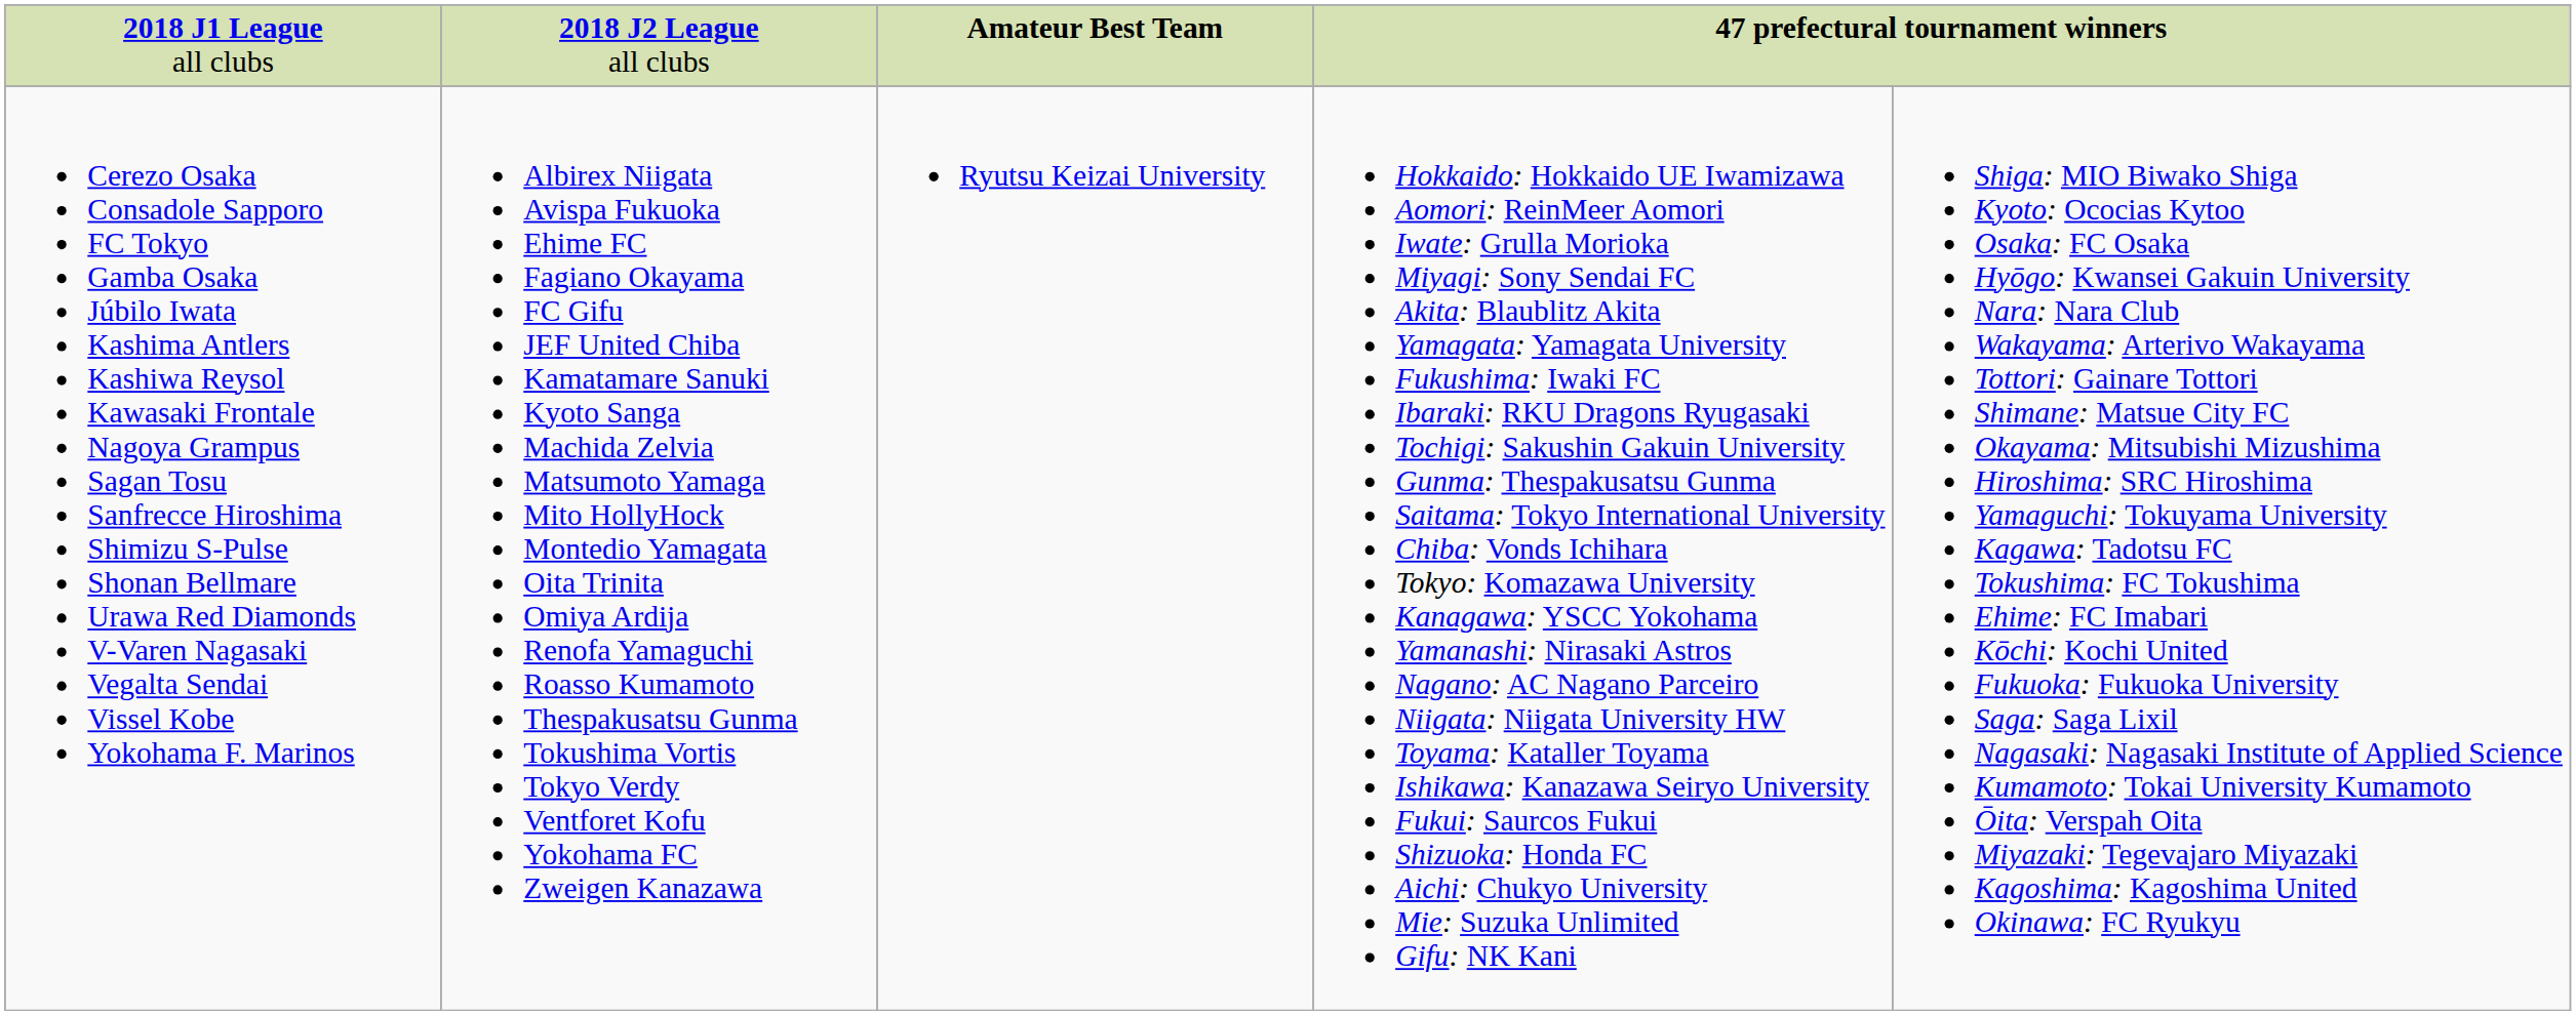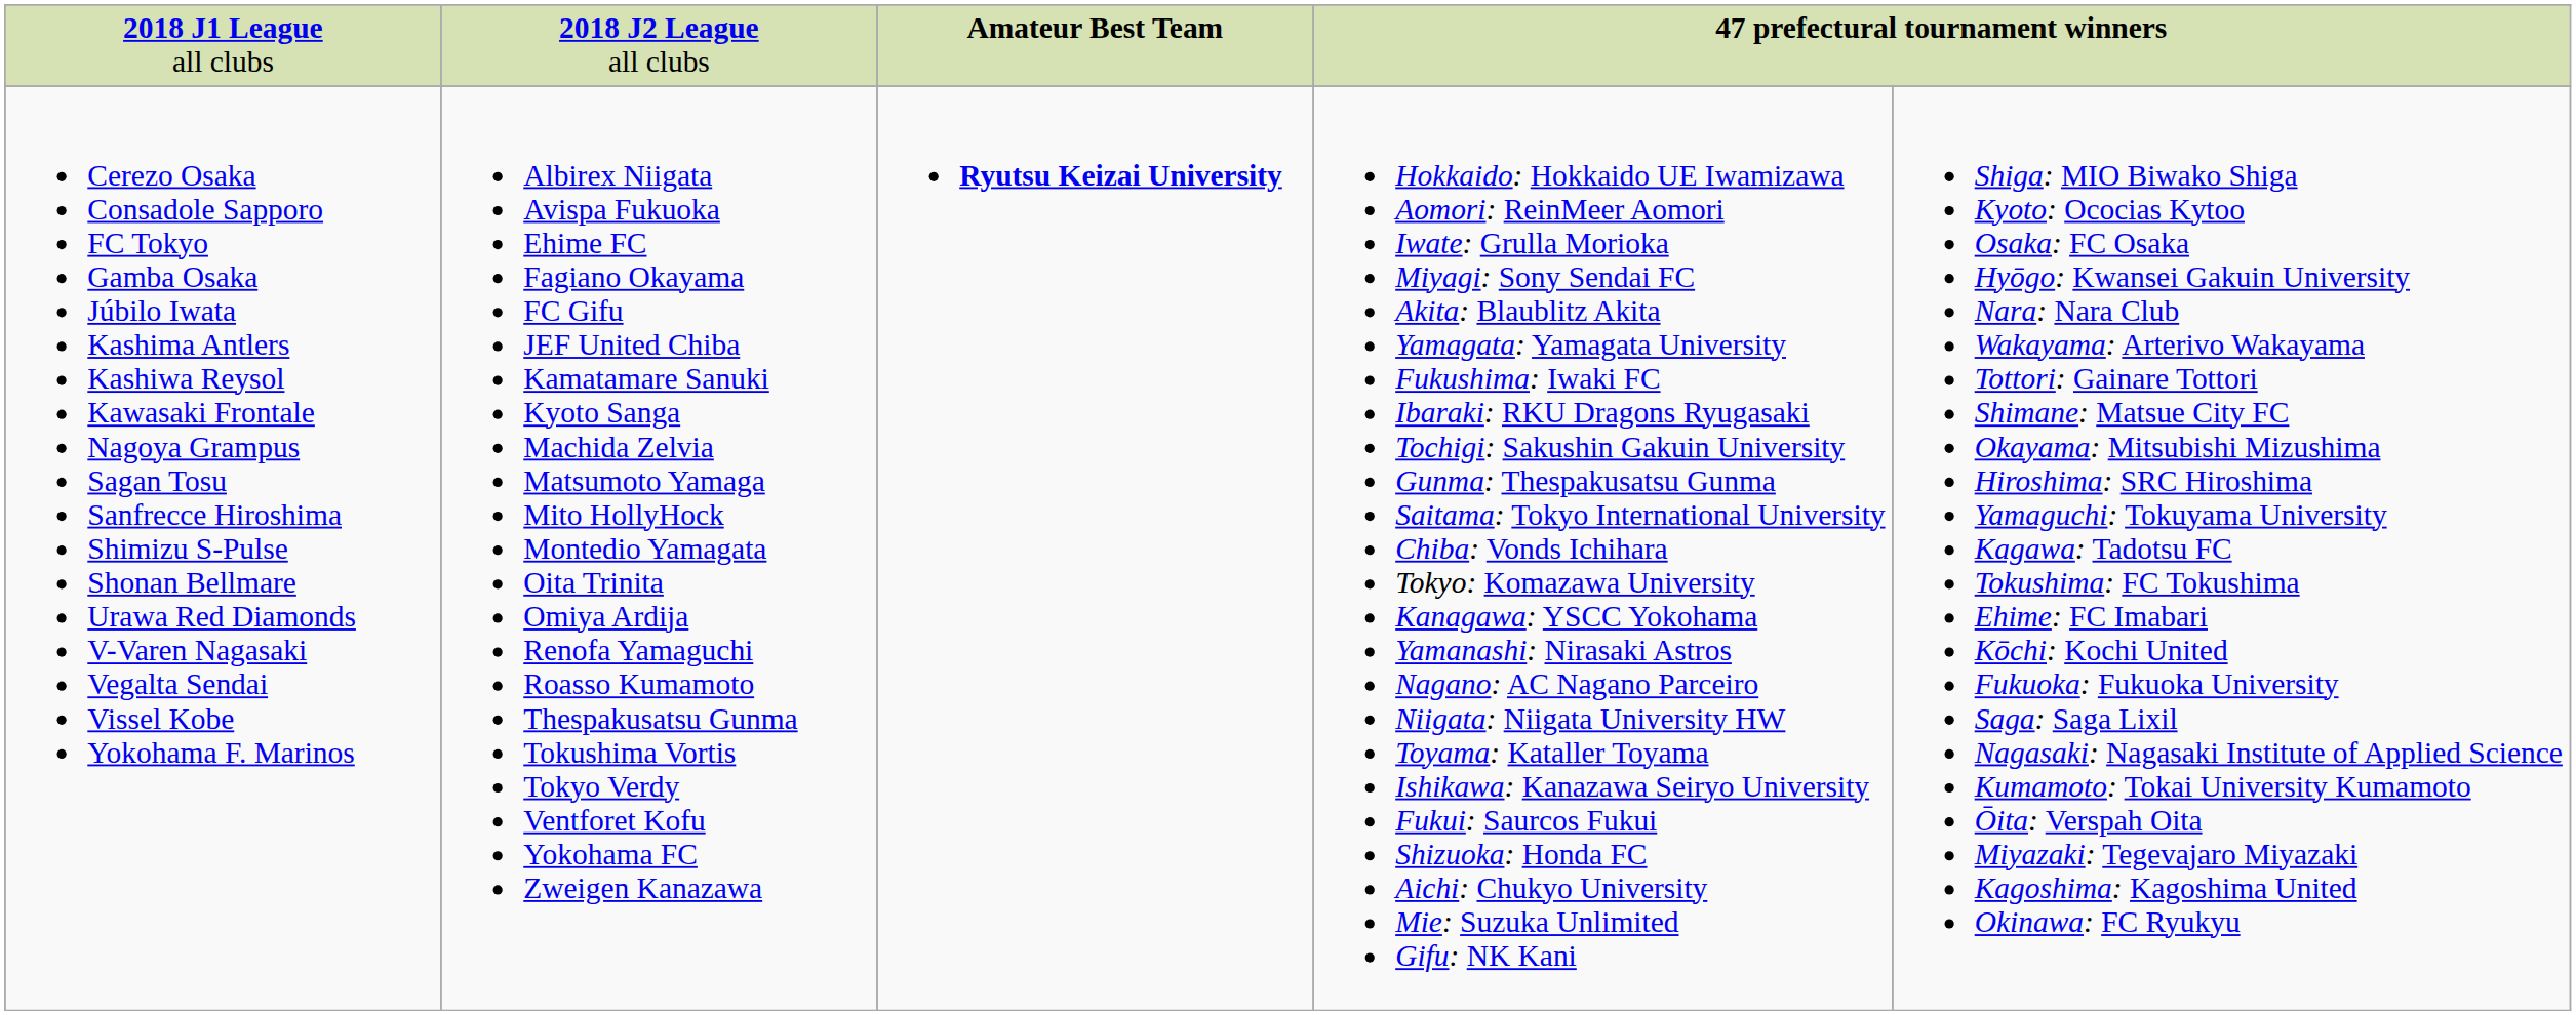 <table class="wikitable">
 <tr style="vertical-align:top; background:#d6e2b3; text-align:center;">
 <td style="width:17%;"><strong><a href='#'>2018 J1 League</a></strong><br>all clubs</td>
 <td style="width:17%;"><strong><a href='#'>2018 J2 League</a></strong><br>all clubs</td>
 <td style="width:17%;"><strong>Amateur Best Team</strong></td>
 <td colspan="2" style="width:49%;"><strong>47 prefectural tournament winners</strong><br></td>
 </tr>
 <tr valign="top">
 <td><br><ul><li><a href='#'>Cerezo Osaka</a></li><li><a href='#'>Consadole Sapporo</a></li><li><a href='#'>FC Tokyo</a></li><li><a href='#'>Gamba Osaka</a></li><li><a href='#'>Júbilo Iwata</a></li><li><a href='#'>Kashima Antlers</a></li><li><a href='#'>Kashiwa Reysol</a></li><li><a href='#'>Kawasaki Frontale</a></li><li><a href='#'>Nagoya Grampus</a></li><li><a href='#'>Sagan Tosu</a></li><li><a href='#'>Sanfrecce Hiroshima</a></li><li><a href='#'>Shimizu S-Pulse</a></li><li><a href='#'>Shonan Bellmare</a></li><li><a href='#'>Urawa Red Diamonds</a></li><li><a href='#'>V-Varen Nagasaki</a></li><li><a href='#'>Vegalta Sendai</a></li><li><a href='#'>Vissel Kobe</a></li><li><a href='#'>Yokohama F. Marinos</a></li></ul></td>
 <td><br><ul><li><a href='#'>Albirex Niigata</a></li><li><a href='#'>Avispa Fukuoka</a></li><li><a href='#'>Ehime FC</a></li><li><a href='#'>Fagiano Okayama</a></li><li><a href='#'>FC Gifu</a></li><li><a href='#'>JEF United Chiba</a></li><li><a href='#'>Kamatamare Sanuki</a></li><li><a href='#'>Kyoto Sanga</a></li><li><a href='#'>Machida Zelvia</a></li><li><a href='#'>Matsumoto Yamaga</a></li><li><a href='#'>Mito HollyHock</a></li><li><a href='#'>Montedio Yamagata</a></li><li><a href='#'>Oita Trinita</a></li><li><a href='#'>Omiya Ardija</a></li><li><a href='#'>Renofa Yamaguchi</a></li><li><a href='#'>Roasso Kumamoto</a></li><li><a href='#'>Thespakusatsu Gunma</a></li><li><a href='#'>Tokushima Vortis</a></li><li><a href='#'>Tokyo Verdy</a></li><li><a href='#'>Ventforet Kofu</a></li><li><a href='#'>Yokohama FC</a></li><li><a href='#'>Zweigen Kanazawa</a></li></ul></td>
-<td><br><ul><li><a href='#'>Ryutsu Keizai University</a></li></ul></td>
+<td><strong><br><ul><li><a href='#'>Ryutsu Keizai University</a></li></ul></strong></td>
 <td><br><ul><li><em><a href='#'>Hokkaido</a>:</em> <a href='#'>Hokkaido UE Iwamizawa</a></li><li><em><a href='#'>Aomori</a>:</em> <a href='#'>ReinMeer Aomori</a></li><li><em><a href='#'>Iwate</a>:</em> <a href='#'>Grulla Morioka</a></li><li><em><a href='#'>Miyagi</a>:</em> <a href='#'>Sony Sendai FC</a></li><li><em><a href='#'>Akita</a>:</em> <a href='#'>Blaublitz Akita</a></li><li><em><a href='#'>Yamagata</a>:</em> <a href='#'>Yamagata University</a></li><li><em><a href='#'>Fukushima</a>:</em> <a href='#'>Iwaki FC</a></li><li><em><a href='#'>Ibaraki</a>:</em> <a href='#'>RKU Dragons Ryugasaki</a></li><li><em><a href='#'>Tochigi</a>:</em> <a href='#'>Sakushin Gakuin University</a></li><li><em><a href='#'>Gunma</a>:</em> <a href='#'>Thespakusatsu Gunma</a></li><li><em><a href='#'>Saitama</a>:</em> <a href='#'>Tokyo International University</a></li><li><em><a href='#'>Chiba</a>:</em> <a href='#'>Vonds Ichihara</a></li><li><em>Tokyo:</em> <a href='#'>Komazawa University</a></li><li><em><a href='#'>Kanagawa</a>:</em> <a href='#'>YSCC Yokohama</a></li><li><em><a href='#'>Yamanashi</a>:</em> <a href='#'>Nirasaki Astros</a></li><li><em><a href='#'>Nagano</a>:</em> <a href='#'>AC Nagano Parceiro</a></li><li><em><a href='#'>Niigata</a>:</em> <a href='#'>Niigata University HW</a></li><li><em><a href='#'>Toyama</a>:</em> <a href='#'>Kataller Toyama</a></li><li><em><a href='#'>Ishikawa</a>:</em> <a href='#'>Kanazawa Seiryo University</a></li><li><em><a href='#'>Fukui</a>:</em> <a href='#'>Saurcos Fukui</a></li><li><em><a href='#'>Shizuoka</a>:</em> <a href='#'>Honda FC</a></li><li><em><a href='#'>Aichi</a>:</em> <a href='#'>Chukyo University</a></li><li><em><a href='#'>Mie</a>:</em> <a href='#'>Suzuka Unlimited</a></li><li><em><a href='#'>Gifu</a>:</em> <a href='#'>NK Kani</a></li></ul></td>
 <td><br><ul><li><em><a href='#'>Shiga</a>:</em> <a href='#'>MIO Biwako Shiga</a></li><li><em><a href='#'>Kyoto</a>:</em> <a href='#'>Ococias Kytoo</a></li><li><em><a href='#'>Osaka</a>:</em> <a href='#'>FC Osaka</a></li><li><em><a href='#'>Hyōgo</a>:</em> <a href='#'>Kwansei Gakuin University</a></li><li><em><a href='#'>Nara</a>:</em> <a href='#'>Nara Club</a></li><li><em><a href='#'>Wakayama</a>:</em> <a href='#'>Arterivo Wakayama</a></li><li><em><a href='#'>Tottori</a>:</em> <a href='#'>Gainare Tottori</a></li><li><em><a href='#'>Shimane</a>:</em> <a href='#'>Matsue City FC</a></li><li><em><a href='#'>Okayama</a>:</em> <a href='#'>Mitsubishi Mizushima</a></li><li><em><a href='#'>Hiroshima</a>:</em> <a href='#'>SRC Hiroshima</a></li><li><em><a href='#'>Yamaguchi</a>:</em> <a href='#'>Tokuyama University</a></li><li><em><a href='#'>Kagawa</a>:</em> <a href='#'>Tadotsu FC</a></li><li><em><a href='#'>Tokushima</a>:</em> <a href='#'>FC Tokushima</a></li><li><em><a href='#'>Ehime</a>:</em> <a href='#'>FC Imabari</a></li><li><em><a href='#'>Kōchi</a>:</em> <a href='#'>Kochi United</a></li><li><em><a href='#'>Fukuoka</a>:</em> <a href='#'>Fukuoka University</a></li><li><em><a href='#'>Saga</a>:</em> <a href='#'>Saga Lixil</a></li><li><em><a href='#'>Nagasaki</a>:</em> <a href='#'>Nagasaki Institute of Applied Science</a></li><li><em><a href='#'>Kumamoto</a>:</em> <a href='#'>Tokai University Kumamoto</a></li><li><em><a href='#'>Ōita</a>:</em> <a href='#'>Verspah Oita</a></li><li><em><a href='#'>Miyazaki</a>:</em> <a href='#'>Tegevajaro Miyazaki</a></li><li><em><a href='#'>Kagoshima</a>:</em> <a href='#'>Kagoshima United</a></li><li><em><a href='#'>Okinawa</a>:</em> <a href='#'>FC Ryukyu</a></li></ul></td>
 </tr>
 </table>
